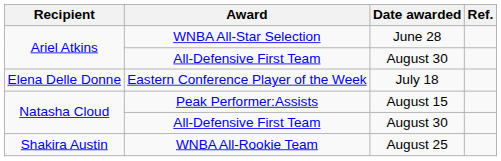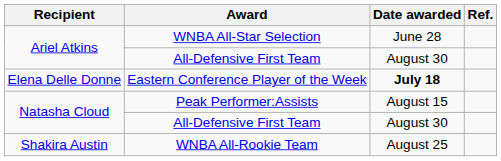 <table class="wikitable sortable sortable" style="text-align: center">
 <tr>
 <th>Recipient</th>
 <th>Award</th>
 <th>Date awarded</th>
 <th>Ref.</th>
 </tr>
 <tr>
 <td rowspan=2><a href='#'>Ariel Atkins</a></td>
 <td><a href='#'>WNBA All-Star Selection</a></td>
 <td>June 28</td>
 <td></td>
 </tr>
 <tr>
 <td><a href='#'>All-Defensive First Team</a></td>
 <td>August 30</td>
 <td></td>
 </tr>
 <tr>
 <td><a href='#'>Elena Delle Donne</a></td>
 <td><a href='#'>Eastern Conference Player of the Week</a></td>
-<td>July 18</td>
+<td><strong>July 18</strong></td>
 <td></td>
 </tr>
 <tr>
 <td rowspan=2><a href='#'>Natasha Cloud</a></td>
 <td><a href='#'>Peak Performer:Assists</a></td>
 <td>August 15</td>
 <td></td>
 </tr>
 <tr>
 <td><a href='#'>All-Defensive First Team</a></td>
 <td>August 30</td>
 <td></td>
 </tr>
 <tr>
 <td><a href='#'>Shakira Austin</a></td>
 <td><a href='#'>WNBA All-Rookie Team</a></td>
 <td>August 25</td>
 <td></td>
 </tr>
 </table>
